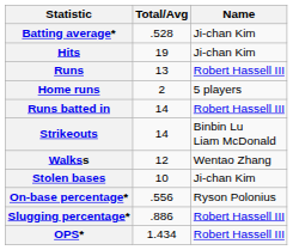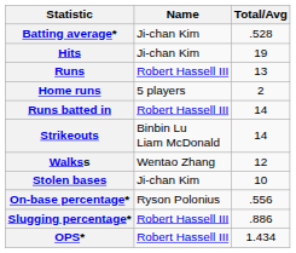 <table class="wikitable plainrowheaders">
 <tr>
 <th scope="col">Statistic</th>
+<th scope="col">Name</th>
 <th scope="col">Total/Avg</th>
-<th scope="col">Name</th>
 </tr>
 <tr>
 <th scope="row"><a href='#'>Batting average</a>*</th>
+<td> Ji-chan Kim</td>
 <td align=center>.528</td>
-<td> Ji-chan Kim</td>
 </tr>
 <tr>
 <th scope="row"><a href='#'>Hits</a></th>
+<td> Ji-chan Kim</td>
 <td align=center>19</td>
-<td> Ji-chan Kim</td>
 </tr>
 <tr>
 <th scope="row"><a href='#'>Runs</a></th>
+<td> <a href='#'>Robert Hassell III</a></td>
 <td align=center>13</td>
-<td> <a href='#'>Robert Hassell III</a></td>
 </tr>
 <tr>
 <th scope="row"><a href='#'>Home runs</a></th>
+<td>5 players</td>
 <td align=center>2</td>
-<td>5 players</td>
 </tr>
 <tr>
 <th scope="row"><a href='#'>Runs batted in</a></th>
+<td> <a href='#'>Robert Hassell III</a></td>
 <td align=center>14</td>
-<td> <a href='#'>Robert Hassell III</a></td>
 </tr>
 <tr>
 <th scope="row"><a href='#'>Strikeouts</a></th>
+<td> Binbin Lu<br> Liam McDonald</td>
 <td align=center>14</td>
-<td> Binbin Lu<br> Liam McDonald</td>
 </tr>
 <tr>
 <th scope="row"><a href='#'>Walks</a>s</th>
+<td> Wentao Zhang</td>
 <td align=center>12</td>
-<td> Wentao Zhang</td>
 </tr>
 <tr>
 <th scope="row"><a href='#'>Stolen bases</a></th>
+<td> Ji-chan Kim</td>
 <td align=center>10</td>
-<td> Ji-chan Kim</td>
 </tr>
 <tr>
 <th scope="row"><a href='#'>On-base percentage</a>*</th>
+<td> Ryson Polonius</td>
 <td align=center>.556</td>
-<td> Ryson Polonius</td>
 </tr>
 <tr>
 <th scope="row"><a href='#'>Slugging percentage</a>*</th>
+<td> <a href='#'>Robert Hassell III</a></td>
 <td align=center>.886</td>
-<td> <a href='#'>Robert Hassell III</a></td>
 </tr>
 <tr>
 <th scope="row"><a href='#'>OPS</a>*</th>
+<td> <a href='#'>Robert Hassell III</a></td>
 <td align=center>1.434</td>
-<td> <a href='#'>Robert Hassell III</a></td>
 </tr>
 </table>
